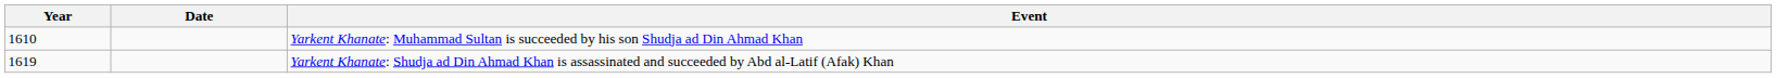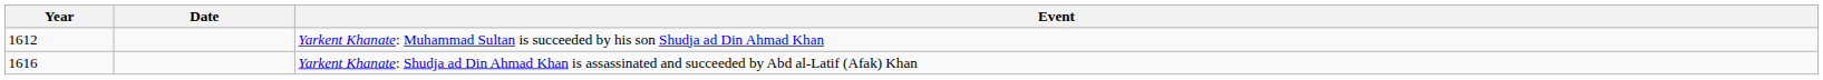 <table class="wikitable" width="100%">
 <tr>
 <th style="width:6%">Year</th>
 <th style="width:10%">Date</th>
 <th>Event</th>
 </tr>
 <tr>
-<td>1610</td>
+<td>1612</td>
 <td></td>
 <td><em><a href='#'>Yarkent Khanate</a></em>: <a href='#'>Muhammad Sultan</a> is succeeded by his son <a href='#'>Shudja ad Din Ahmad Khan</a></td>
 </tr>
 <tr>
-<td>1619</td>
+<td>1616</td>
 <td></td>
 <td><em><a href='#'>Yarkent Khanate</a></em>: <a href='#'>Shudja ad Din Ahmad Khan</a> is assassinated and succeeded by Abd al-Latif (Afak) Khan</td>
 </tr>
 </table>
